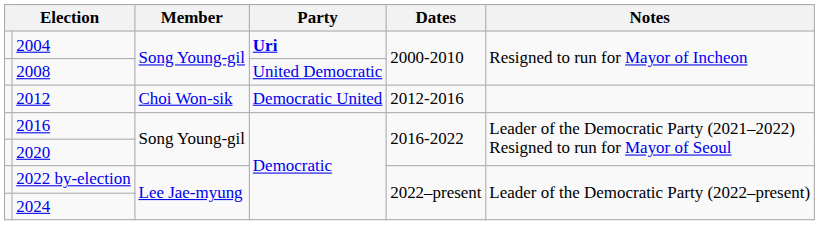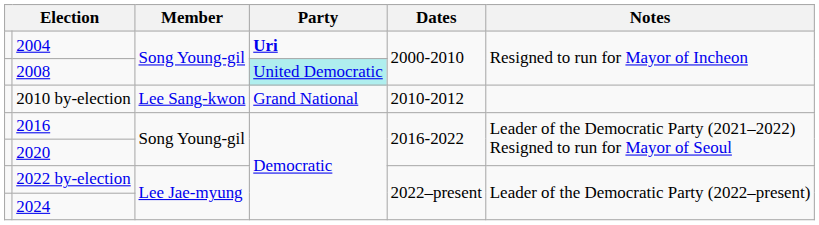 <table class="wikitable">
 <tr>
 <th colspan="2">Election</th>
 <th>Member</th>
 <th>Party</th>
 <th>Dates</th>
 <th>Notes</th>
 </tr>
 <tr>
 <td></td>
 <td><a href='#'>2004</a></td>
 <td rowspan="2"><a href='#'>Song Young-gil</a></td>
 <td rowspan="1"><strong><a href='#'>Uri</a></strong></td>
 <td rowspan="2">2000-2010</td>
 <td rowspan="2">Resigned to run for <a href='#'>Mayor of Incheon</a></td>
 </tr>
 <tr>
 <td></td>
 <td><a href='#'>2008</a></td>
-<td rowspan="1"><a href='#'>United Democratic</a></td>
+<td rowspan="1" style="background: paleturquoise;"><a href='#'>United Democratic</a></td>
 </tr>
 <tr>
 <td></td>
-<td><a href='#'>2012</a></td>
-<td rowspan="1"><a href='#'>Choi Won-sik</a></td>
-<td rowspan="1"><a href='#'>Democratic United</a></td>
-<td rowspan="1">2012-2016</td>
+<td>2010 by-election</td>
+<td rowspan="1"><a href='#'>Lee Sang-kwon</a></td>
+<td rowspan="1"><a href='#'>Grand National</a></td>
+<td rowspan="1">2010-2012</td>
 <td rowspan="1"></td>
 </tr>
 <tr>
 <td></td>
 <td><a href='#'>2016</a></td>
 <td rowspan="2">Song Young-gil</td>
 <td rowspan="4"><a href='#'>Democratic</a></td>
 <td rowspan="2">2016-2022</td>
 <td rowspan="2">Leader of the Democratic Party (2021–2022)<br>Resigned to run for <a href='#'>Mayor of Seoul</a></td>
 </tr>
 <tr>
 <td></td>
 <td><a href='#'>2020</a></td>
 </tr>
 <tr>
 <td></td>
 <td><a href='#'>2022 by-election</a></td>
 <td rowspan="2"><a href='#'>Lee Jae-myung</a></td>
 <td rowspan="2">2022–present</td>
 <td rowspan="2">Leader of the Democratic Party (2022–present)</td>
 </tr>
 <tr>
 <td></td>
 <td><a href='#'>2024</a></td>
 </tr>
 </table>
